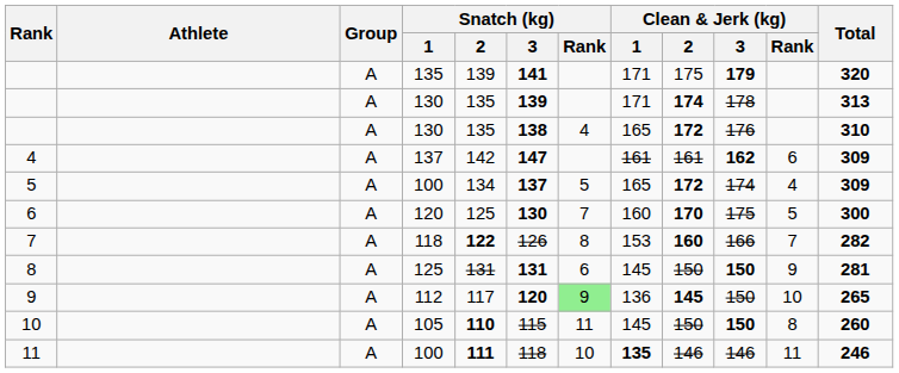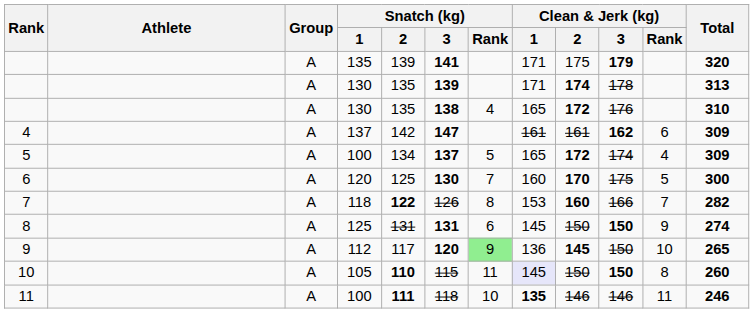 <table class = "wikitable" style="text-align:center;">
 <tr>
 <th rowspan=2 width=40>Rank</th>
 <th rowspan=2 width=250>Athlete</th>
 <th rowspan=2 width=50>Group</th>
 <th colspan=4>Snatch (kg)</th>
 <th colspan=4>Clean & Jerk (kg)</th>
 <th rowspan=2 width=60>Total</th>
 </tr>
 <tr>
 <th width=40>1</th>
 <th width=40>2</th>
 <th width=40>3</th>
 <th width=40>Rank</th>
 <th width=40>1</th>
 <th width=40>2</th>
 <th width=40>3</th>
 <th width=40>Rank</th>
 </tr>
 <tr>
 <td></td>
 <td align=left></td>
 <td>A</td>
 <td>135</td>
 <td>139</td>
 <td><strong>141</strong></td>
 <td></td>
 <td>171</td>
 <td>175</td>
 <td><strong>179</strong></td>
 <td></td>
 <td><strong>320</strong></td>
 </tr>
 <tr>
 <td></td>
 <td align=left></td>
 <td>A</td>
 <td>130</td>
 <td>135</td>
 <td><strong>139</strong></td>
 <td></td>
 <td>171</td>
 <td><strong>174</strong></td>
 <td><s>178</s></td>
 <td></td>
 <td><strong>313</strong></td>
 </tr>
 <tr>
 <td></td>
 <td align=left></td>
 <td>A</td>
 <td>130</td>
 <td>135</td>
 <td><strong>138</strong></td>
 <td>4</td>
 <td>165</td>
 <td><strong>172</strong></td>
 <td><s>176</s></td>
 <td></td>
 <td><strong>310</strong></td>
 </tr>
 <tr>
 <td>4</td>
 <td align=left></td>
 <td>A</td>
 <td>137</td>
 <td>142</td>
 <td><strong>147</strong></td>
 <td></td>
 <td><s>161</s></td>
 <td><s>161</s></td>
 <td><strong>162</strong></td>
 <td>6</td>
 <td><strong>309</strong></td>
 </tr>
 <tr>
 <td>5</td>
 <td align=left></td>
 <td>A</td>
 <td>100</td>
 <td>134</td>
 <td><strong>137</strong></td>
 <td>5</td>
 <td>165</td>
 <td><strong>172</strong></td>
 <td><s>174</s></td>
 <td>4</td>
 <td><strong>309</strong></td>
 </tr>
 <tr>
 <td>6</td>
 <td align=left></td>
 <td>A</td>
 <td>120</td>
 <td>125</td>
 <td><strong>130</strong></td>
 <td>7</td>
 <td>160</td>
 <td><strong>170</strong></td>
 <td><s>175</s></td>
 <td>5</td>
 <td><strong>300</strong></td>
 </tr>
 <tr>
 <td>7</td>
 <td align=left></td>
 <td>A</td>
 <td>118</td>
 <td><strong>122</strong></td>
 <td><s>126</s></td>
 <td>8</td>
 <td>153</td>
 <td><strong>160</strong></td>
 <td><s>166</s></td>
 <td>7</td>
 <td><strong>282</strong></td>
 </tr>
 <tr>
 <td>8</td>
 <td align=left></td>
 <td>A</td>
 <td>125</td>
 <td><s>131</s></td>
 <td><strong>131</strong></td>
 <td>6</td>
 <td>145</td>
 <td><s>150</s></td>
 <td><strong>150</strong></td>
 <td>9</td>
-<td><strong>281</strong></td>
+<td><strong>274</strong></td>
 </tr>
 <tr>
 <td>9</td>
 <td align=left></td>
 <td>A</td>
 <td>112</td>
 <td>117</td>
 <td><strong>120</strong></td>
 <td style="background: lightgreen;">9</td>
 <td>136</td>
 <td><strong>145</strong></td>
 <td><s>150</s></td>
 <td>10</td>
 <td><strong>265</strong></td>
 </tr>
 <tr>
 <td>10</td>
 <td align=left></td>
 <td>A</td>
 <td>105</td>
 <td><strong>110</strong></td>
 <td><s>115</s></td>
 <td>11</td>
-<td>145</td>
+<td style="background: lavender;">145</td>
 <td><s>150</s></td>
 <td><strong>150</strong></td>
 <td>8</td>
 <td><strong>260</strong></td>
 </tr>
 <tr>
 <td>11</td>
 <td align=left></td>
 <td>A</td>
 <td>100</td>
 <td><strong>111</strong></td>
 <td><s>118</s></td>
 <td>10</td>
 <td><strong>135</strong></td>
 <td><s>146</s></td>
 <td><s>146</s></td>
 <td>11</td>
 <td><strong>246</strong></td>
 </tr>
 </table>
